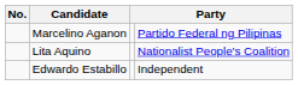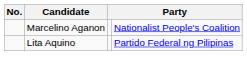 <table class="wikitable sortable" style="text-align:left;">
 <tr>
 <th>No.</th>
 <th>Candidate</th>
 <th colspan="2">Party</th>
 </tr>
 <tr>
 <td></td>
 <td>Marcelino Aganon</td>
 <td></td>
-<td><a href='#'>Partido Federal ng Pilipinas</a></td>
+<td><a href='#'>Nationalist People's Coalition</a></td>
 </tr>
 <tr>
 <td></td>
 <td>Lita Aquino</td>
 <td></td>
-<td><a href='#'>Nationalist People's Coalition</a></td>
-</tr>
-<tr>
-<td></td>
-<td>Edwardo Estabillo</td>
-<td></td>
-<td>Independent</td>
+<td><a href='#'>Partido Federal ng Pilipinas</a></td>
 </tr>
 </table>
